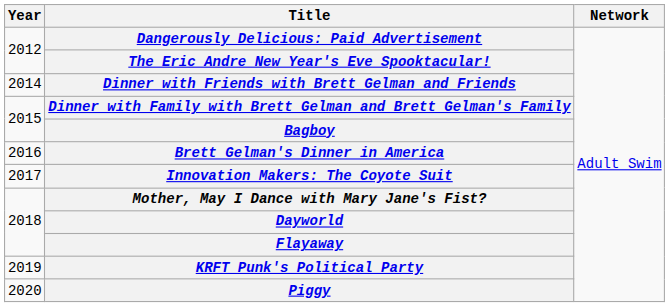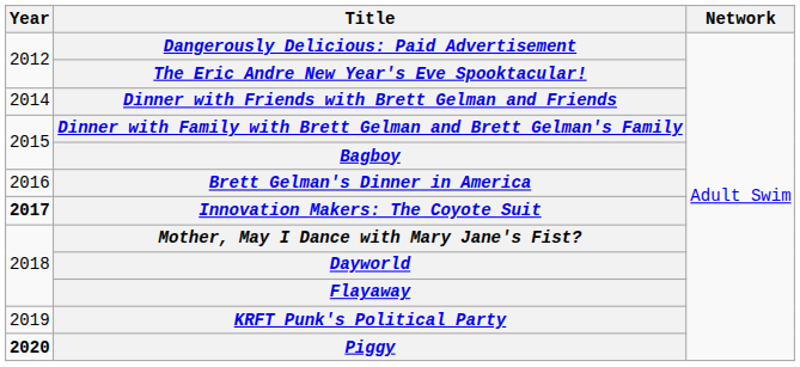 <table class="wikitable">
 <tr>
 <th scope="col">Year</th>
 <th scope="col">Title</th>
 <th scope="col">Network</th>
 </tr>
 <tr>
 <td rowspan="2">2012</td>
 <th scope="row"><em><a href='#'>Dangerously Delicious: Paid Advertisement</a></em></th>
 <td rowspan="12"><a href='#'>Adult Swim</a></td>
 </tr>
 <tr>
 <th scope="row"><em><a href='#'>The Eric Andre New Year's Eve Spooktacular!</a></em></th>
 </tr>
 <tr>
 <td>2014</td>
 <th scope="row"><em><a href='#'>Dinner with Friends with Brett Gelman and Friends</a></em></th>
 </tr>
 <tr>
 <td rowspan="2">2015</td>
 <th scope="row"><em><a href='#'>Dinner with Family with Brett Gelman and Brett Gelman's Family</a></em></th>
 </tr>
 <tr>
 <th scope="row"><em><a href='#'>Bagboy</a></em></th>
 </tr>
 <tr>
 <td>2016</td>
 <th scope="row"><em><a href='#'>Brett Gelman's Dinner in America</a></em></th>
 </tr>
 <tr>
-<td>2017</td>
+<td><strong>2017</strong></td>
 <th scope="row"><em><a href='#'>Innovation Makers: The Coyote Suit</a></em></th>
 </tr>
 <tr>
 <td rowspan="3">2018</td>
 <th scope="row"><em>Mother, May I Dance with Mary Jane's Fist?</em></th>
 </tr>
 <tr>
 <th scope="row"><em><a href='#'>Dayworld</a></em></th>
 </tr>
 <tr>
 <th scope="row"><em><a href='#'>Flayaway</a></em></th>
 </tr>
 <tr>
 <td>2019</td>
 <th scope="row"><em><a href='#'>KRFT Punk's Political Party</a></em></th>
 </tr>
 <tr>
-<td>2020</td>
+<td><strong>2020</strong></td>
 <th scope="row"><em><a href='#'>Piggy</a></em></th>
 </tr>
 </table>
